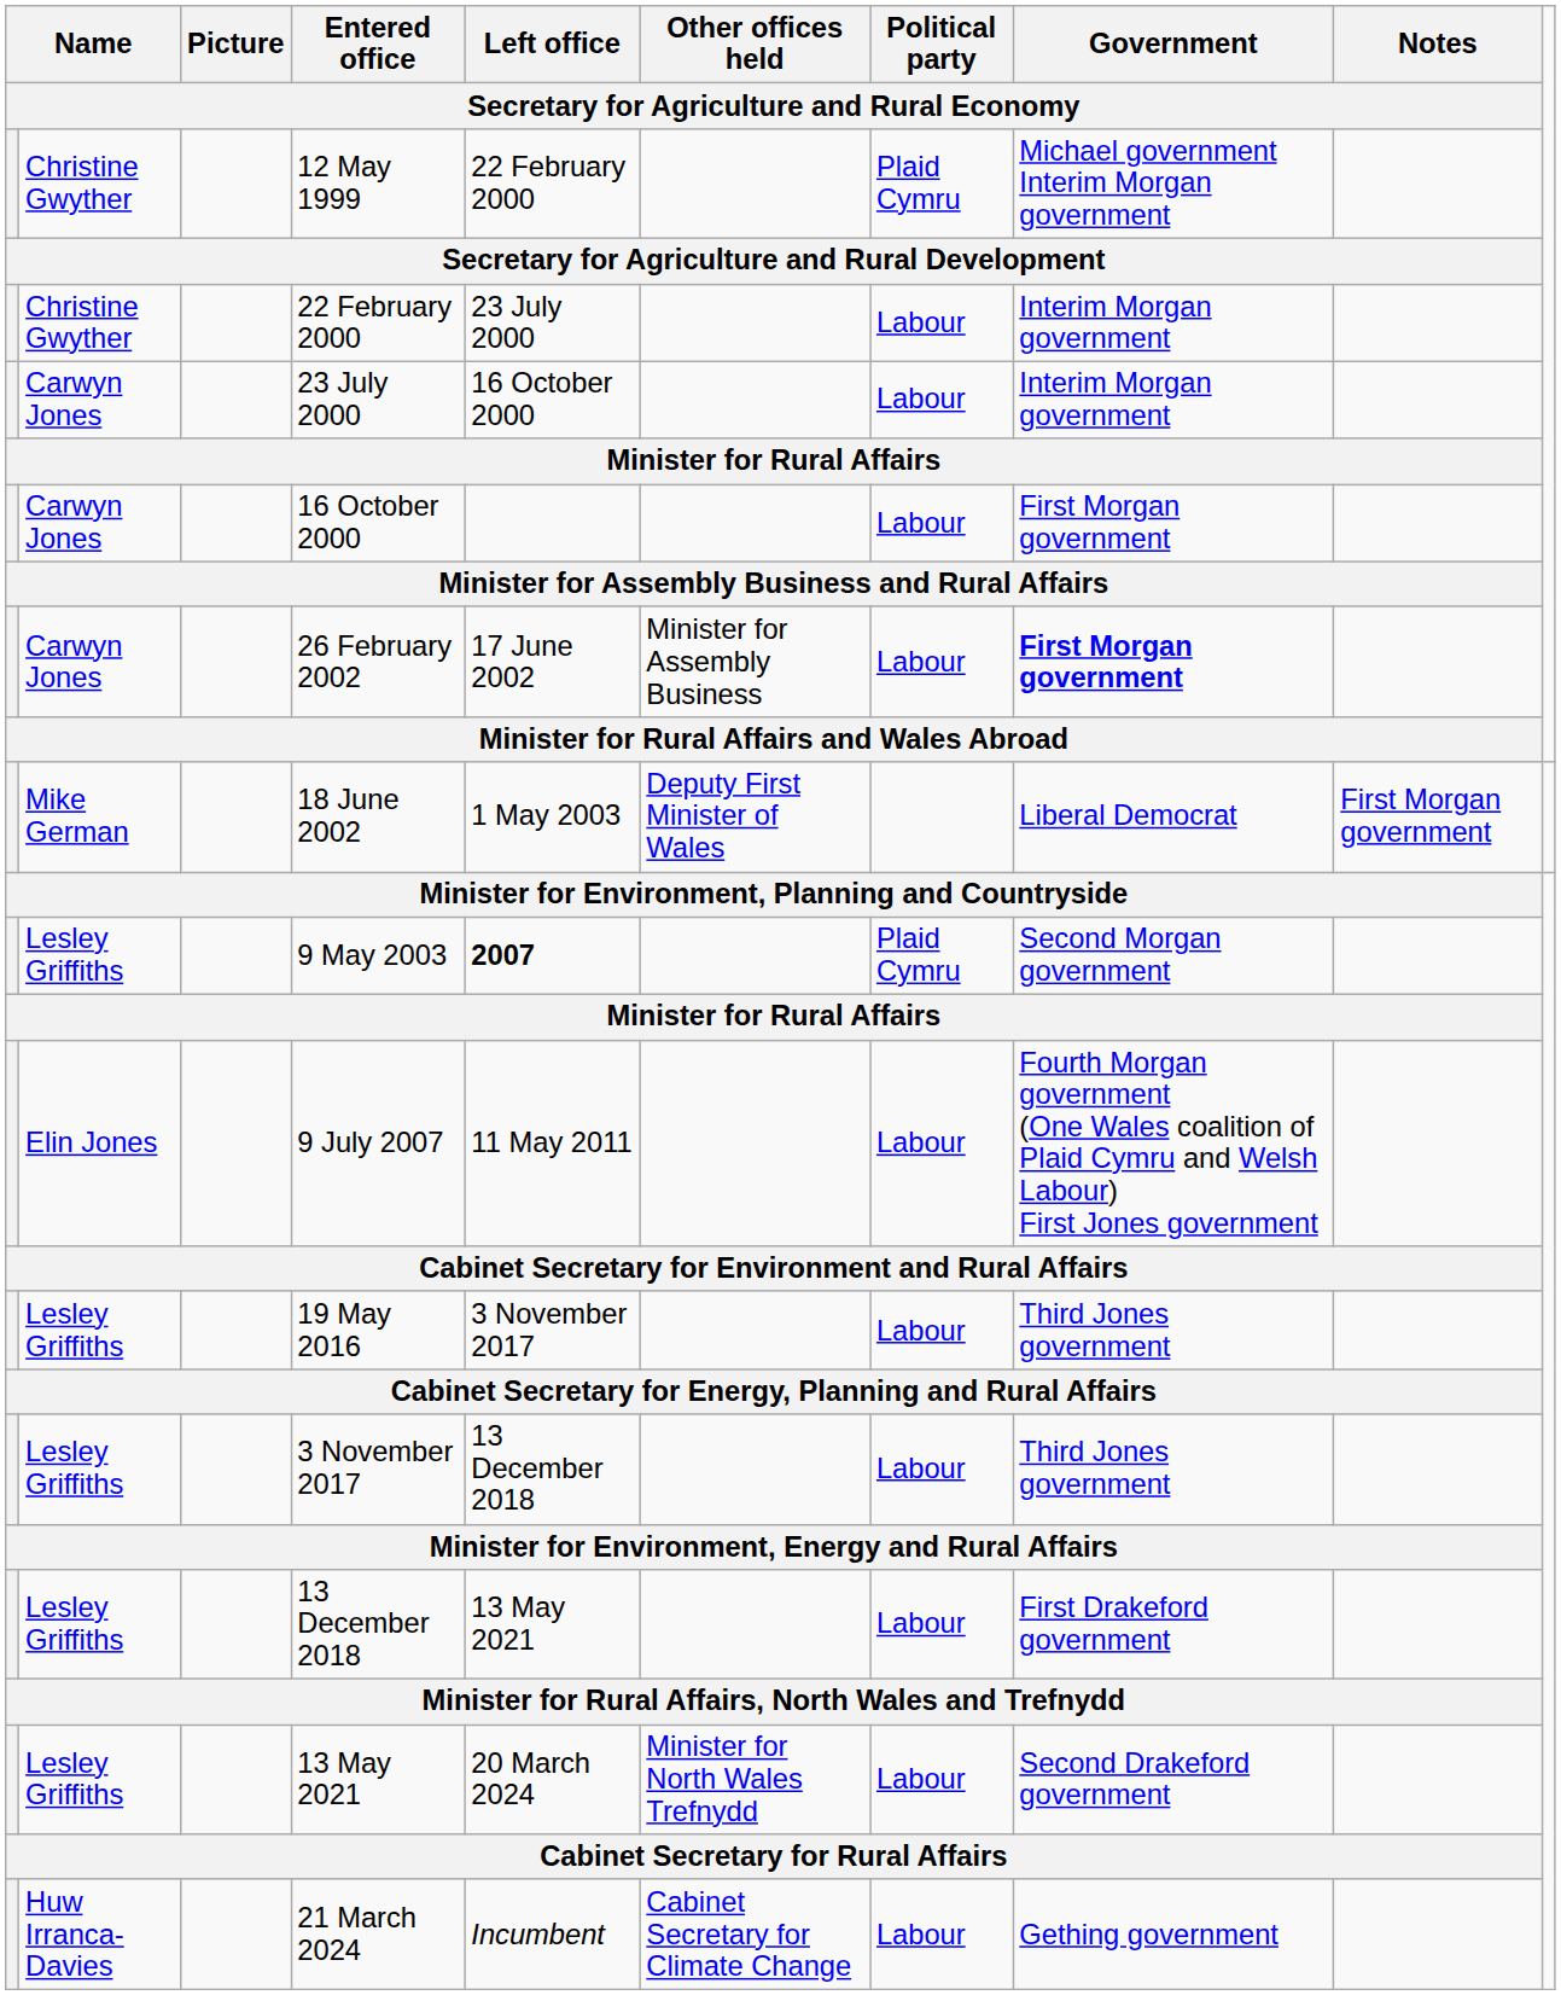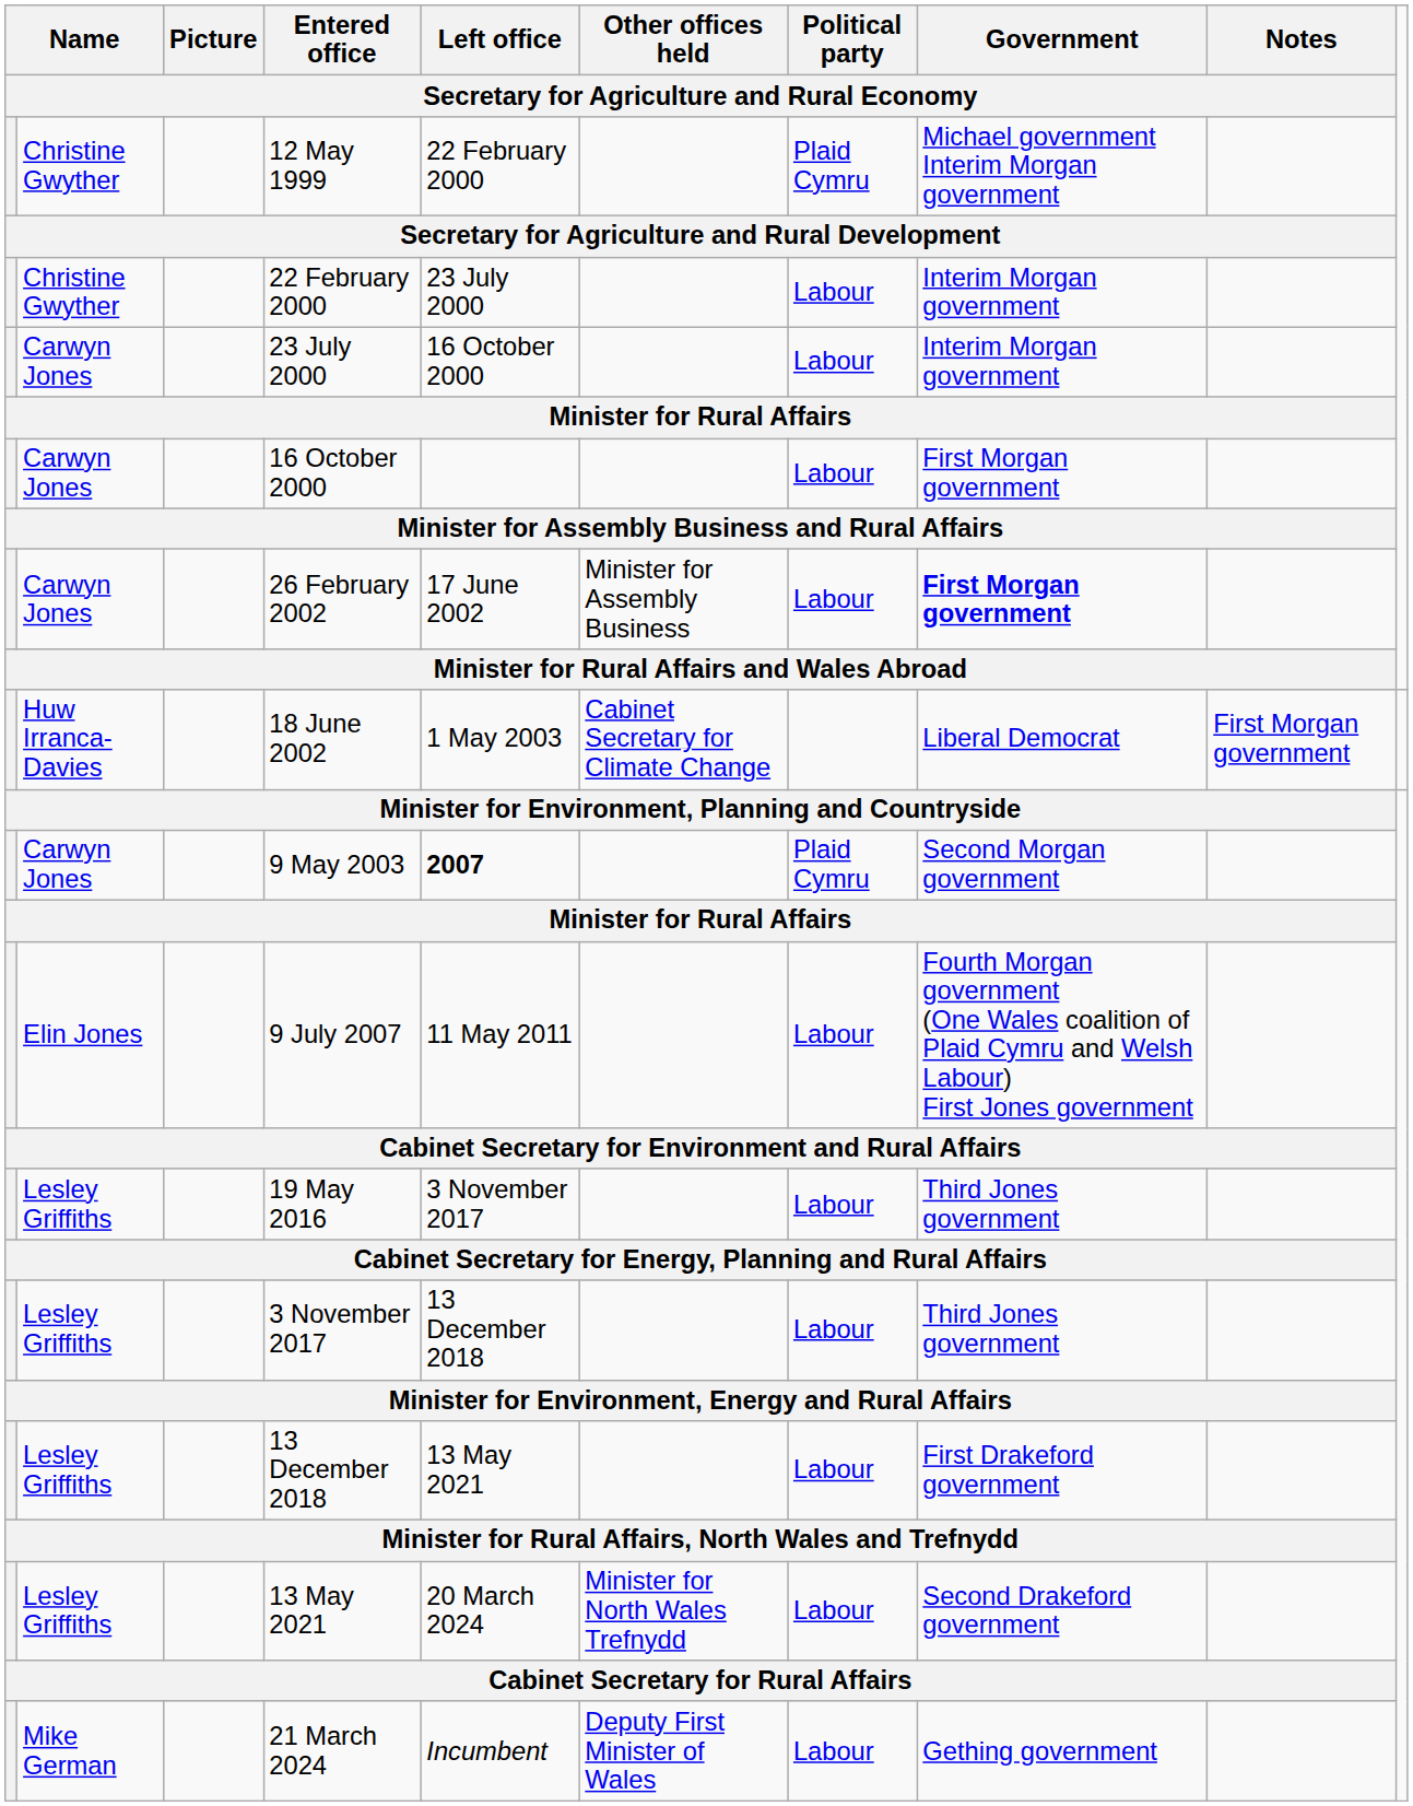 <table class="wikitable">
 <tr>
 <th colspan="2">Name</th>
 <th>Picture</th>
 <th>Entered office</th>
 <th>Left office</th>
 <th>Other offices held</th>
 <th>Political party</th>
 <th>Government</th>
 <th>Notes</th>
 </tr>
 <tr>
 <th colspan="9">Secretary for Agriculture and Rural Economy</th>
 </tr>
 <tr>
 <th style="background-color:"></th>
 <td><a href='#'>Christine Gwyther</a></td>
 <td></td>
 <td>12 May 1999</td>
 <td>22 February 2000</td>
 <td></td>
 <td><a href='#'>Plaid Cymru</a></td>
 <td><a href='#'>Michael government</a><br><a href='#'>Interim Morgan government</a></td>
 <td></td>
 </tr>
 <tr>
 <th colspan="9">Secretary for Agriculture and Rural Development</th>
 </tr>
 <tr>
 <th style="background-color:"></th>
 <td><a href='#'>Christine Gwyther</a></td>
 <td></td>
 <td>22 February 2000</td>
 <td>23 July 2000</td>
 <td></td>
 <td><a href='#'>Labour</a></td>
 <td><a href='#'>Interim Morgan government</a></td>
 <td></td>
 </tr>
 <tr>
 <th style="background-color:"></th>
 <td><a href='#'>Carwyn Jones</a></td>
 <td></td>
 <td>23 July 2000</td>
 <td>16 October 2000</td>
 <td></td>
 <td><a href='#'>Labour</a></td>
 <td><a href='#'>Interim Morgan government</a></td>
 <td></td>
 </tr>
 <tr>
 <th colspan="9">Minister for Rural Affairs</th>
 </tr>
 <tr>
 <th style="background-color:"></th>
 <td><a href='#'>Carwyn Jones</a></td>
 <td></td>
 <td>16 October 2000</td>
 <td></td>
 <td></td>
 <td><a href='#'>Labour</a></td>
 <td><a href='#'>First Morgan government</a></td>
 <td></td>
 </tr>
 <tr>
 <th colspan="9">Minister for Assembly Business and Rural Affairs</th>
 </tr>
 <tr>
 <th style="background-color:"></th>
 <td><a href='#'>Carwyn Jones</a></td>
 <td></td>
 <td>26 February 2002</td>
 <td>17 June 2002</td>
 <td>Minister for Assembly Business</td>
 <td><a href='#'>Labour</a></td>
 <td><strong><a href='#'>First Morgan government</a></strong></td>
 <td></td>
 </tr>
 <tr>
 <th colspan="9">Minister for Rural Affairs and Wales Abroad</th>
 </tr>
 <tr>
 <th style="background-color:"></th>
-<td><a href='#'>Mike German</a></td>
+<td><a href='#'>Huw Irranca-Davies</a></td>
 <td></td>
 <td>18 June 2002</td>
 <td>1 May 2003</td>
-<td><a href='#'>Deputy First Minister of Wales</a></td>
+<td><a href='#'>Cabinet Secretary for Climate Change</a></td>
 <td></td>
 <td><a href='#'>Liberal Democrat</a></td>
 <td><a href='#'>First Morgan government</a></td>
 <td></td>
 </tr>
 <tr>
 <th colspan="9">Minister for Environment, Planning and Countryside</th>
 </tr>
 <tr>
 <th style="background-color:"></th>
-<td><a href='#'>Lesley Griffiths</a></td>
+<td><a href='#'>Carwyn Jones</a></td>
 <td></td>
 <td>9 May 2003</td>
 <td><strong>2007</strong></td>
 <td></td>
 <td><a href='#'>Plaid Cymru</a></td>
 <td><a href='#'>Second Morgan government</a></td>
 <td></td>
 </tr>
 <tr>
 <th colspan="9">Minister for Rural Affairs</th>
 </tr>
 <tr>
 <th style="background-color:"></th>
 <td><a href='#'>Elin Jones</a></td>
 <td></td>
 <td>9 July 2007</td>
 <td>11 May 2011</td>
 <td></td>
 <td><a href='#'>Labour</a></td>
 <td><a href='#'>Fourth Morgan government</a><br>(<a href='#'>One Wales</a> coalition of <a href='#'>Plaid Cymru</a> and <a href='#'>Welsh Labour</a>)<br><a href='#'>First Jones government</a></td>
 <td></td>
 </tr>
 <tr>
 <th colspan="9">Cabinet Secretary for Environment and Rural Affairs</th>
 </tr>
 <tr>
 <th style="background-color:"></th>
 <td><a href='#'>Lesley Griffiths</a></td>
 <td></td>
 <td>19 May 2016</td>
 <td>3 November 2017</td>
 <td></td>
 <td><a href='#'>Labour</a></td>
 <td><a href='#'>Third Jones government</a></td>
 <td></td>
 </tr>
 <tr>
 <th colspan="9">Cabinet Secretary for Energy, Planning and Rural Affairs</th>
 </tr>
 <tr>
 <th style="background-color:"></th>
 <td><a href='#'>Lesley Griffiths</a></td>
 <td></td>
 <td>3 November 2017</td>
 <td>13 December 2018</td>
 <td></td>
 <td><a href='#'>Labour</a></td>
 <td><a href='#'>Third Jones government</a></td>
 <td></td>
 </tr>
 <tr>
 <th colspan="9">Minister for Environment, Energy and Rural Affairs</th>
 </tr>
 <tr>
 <th style="background-color:"></th>
 <td><a href='#'>Lesley Griffiths</a></td>
 <td></td>
 <td>13 December 2018</td>
 <td>13 May 2021</td>
 <td></td>
 <td><a href='#'>Labour</a></td>
 <td><a href='#'>First Drakeford government</a></td>
 <td></td>
 </tr>
 <tr>
 <th colspan="9">Minister for Rural Affairs, North Wales and Trefnydd</th>
 </tr>
 <tr>
 <th style="background-color:"></th>
 <td><a href='#'>Lesley Griffiths</a></td>
 <td></td>
 <td>13 May 2021</td>
 <td>20 March 2024</td>
 <td><a href='#'>Minister for North Wales</a><br><a href='#'>Trefnydd</a></td>
 <td><a href='#'>Labour</a></td>
 <td><a href='#'>Second Drakeford government</a></td>
 <td></td>
 </tr>
 <tr>
 <th colspan="9">Cabinet Secretary for Rural Affairs</th>
 </tr>
 <tr>
 <th style="background-color:"></th>
-<td><a href='#'>Huw Irranca-Davies</a></td>
+<td><a href='#'>Mike German</a></td>
 <td></td>
 <td>21 March 2024</td>
 <td><em>Incumbent</em></td>
-<td><a href='#'>Cabinet Secretary for Climate Change</a></td>
+<td><a href='#'>Deputy First Minister of Wales</a></td>
 <td><a href='#'>Labour</a></td>
 <td><a href='#'>Gething government</a></td>
 <td></td>
 </tr>
 <tr>
 </tr>
 </table>
